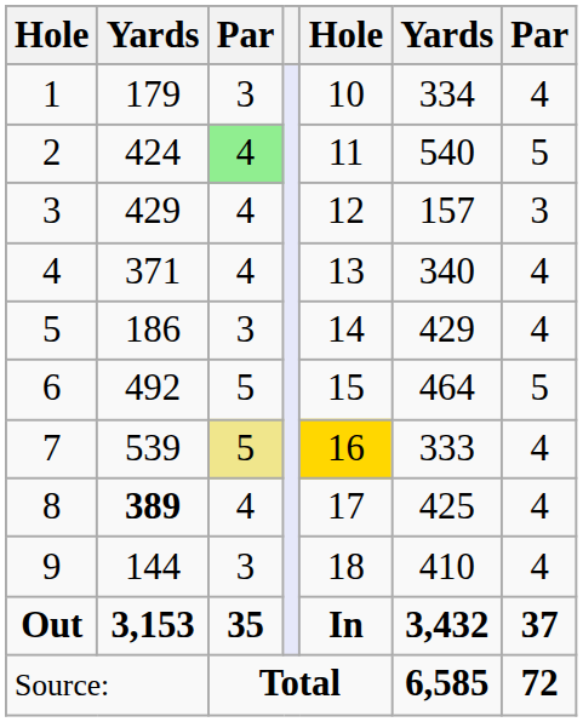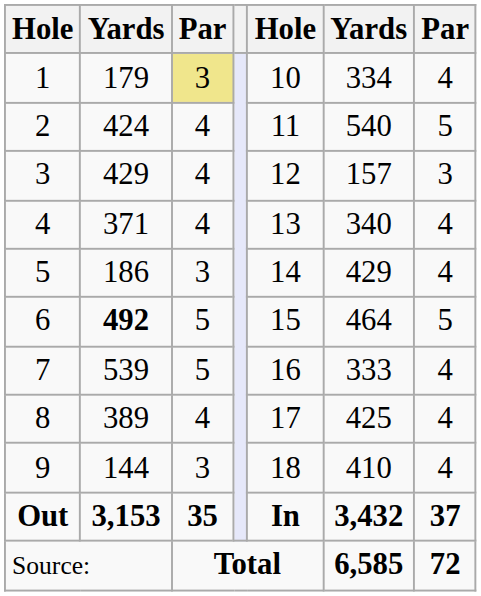 <table class="wikitable" style="text-align:center; font-size:100%;">
 <tr>
 <th>Hole</th>
 <th>Yards</th>
 <th>Par</th>
 <th></th>
 <th>Hole</th>
 <th>Yards</th>
 <th>Par</th>
 </tr>
 <tr>
 <td>1</td>
 <td>179</td>
-<td>3</td>
+<td style="background: khaki;">3</td>
 <td rowspan=10 style="background:#E6E8FA;"></td>
 <td>10</td>
 <td>334</td>
 <td>4</td>
 </tr>
 <tr>
 <td>2</td>
 <td>424</td>
-<td style="background: lightgreen;">4</td>
+<td>4</td>
 <td>11</td>
 <td>540</td>
 <td>5</td>
 </tr>
 <tr>
 <td>3</td>
 <td>429</td>
 <td>4</td>
 <td>12</td>
 <td>157</td>
 <td>3</td>
 </tr>
 <tr>
 <td>4</td>
 <td>371</td>
 <td>4</td>
 <td>13</td>
 <td>340</td>
 <td>4</td>
 </tr>
 <tr>
 <td>5</td>
 <td>186</td>
 <td>3</td>
 <td>14</td>
 <td>429</td>
 <td>4</td>
 </tr>
 <tr>
 <td>6</td>
-<td>492</td>
+<td><strong>492</strong></td>
 <td>5</td>
 <td>15</td>
 <td>464</td>
 <td>5</td>
 </tr>
 <tr>
 <td>7</td>
 <td>539</td>
-<td style="background: khaki;">5</td>
-<td style="background: gold;">16</td>
+<td>5</td>
+<td>16</td>
 <td>333</td>
 <td>4</td>
 </tr>
 <tr>
 <td>8</td>
-<td><strong>389</strong></td>
+<td>389</td>
 <td>4</td>
 <td>17</td>
 <td>425</td>
 <td>4</td>
 </tr>
 <tr>
 <td>9</td>
 <td>144</td>
 <td>3</td>
 <td>18</td>
 <td>410</td>
 <td>4</td>
 </tr>
 <tr>
 <td><strong>Out</strong></td>
 <td><strong>3,153</strong></td>
 <td><strong>35</strong></td>
 <td><strong>In</strong></td>
 <td><strong>3,432</strong></td>
 <td><strong>37</strong></td>
 </tr>
 <tr>
 <td colspan=2 align=left><small>Source:</small></td>
 <td colspan=3><strong>Total</strong></td>
 <td><strong>6,585</strong></td>
 <td><strong>72</strong></td>
 </tr>
 </table>
